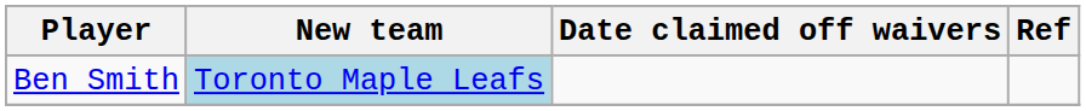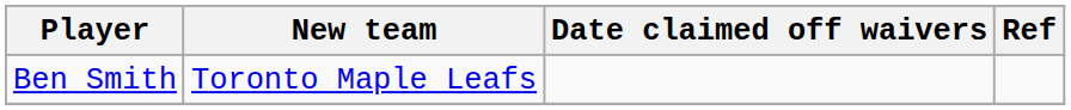 <table class="wikitable">
 <tr>
 <th>Player</th>
 <th>New team</th>
 <th>Date claimed off waivers</th>
 <th>Ref</th>
 </tr>
 <tr>
 <td><a href='#'>Ben Smith</a></td>
-<td style="background: lightblue;"><a href='#'>Toronto Maple Leafs</a></td>
+<td><a href='#'>Toronto Maple Leafs</a></td>
 <td></td>
 <td></td>
 </tr>
 <tr>
 </tr>
 </table>
